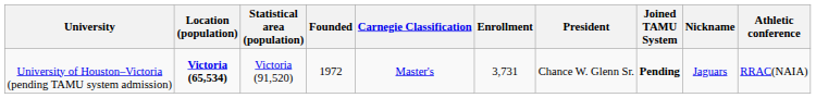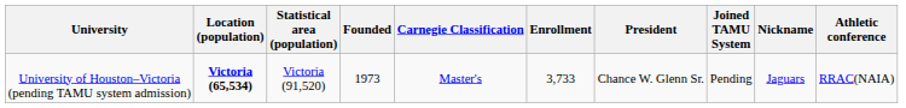 <table class="wikitable" style="text-align:center;">
 <tr>
 <th>University</th>
 <th>Location<br>(population)</th>
 <th>Statistical<br>area<br>(population)</th>
 <th>Founded</th>
 <th><a href='#'>Carnegie Classification</a></th>
 <th>Enrollment</th>
 <th>President</th>
 <th>Joined<br>TAMU<br>System</th>
 <th>Nickname</th>
 <th>Athletic<br>conference</th>
 </tr>
 <tr>
 <td><br><a href='#'>University of Houston–Victoria</a><br>(pending TAMU system admission)</td>
 <td><strong><a href='#'>Victoria</a><br>(65,534)</strong></td>
 <td><a href='#'>Victoria</a><br>(91,520)</td>
-<td>1972</td>
+<td>1973</td>
 <td><a href='#'>Master's</a></td>
-<td>3,731</td>
+<td>3,733</td>
 <td>Chance W. Glenn Sr.</td>
-<td><strong>Pending</strong></td>
+<td>Pending</td>
 <td><a href='#'>Jaguars</a></td>
 <td><a href='#'>RRAC</a>(NAIA)</td>
 </tr>
 </table>
